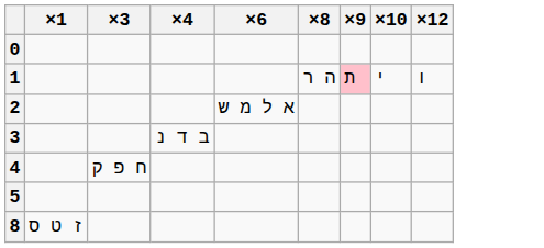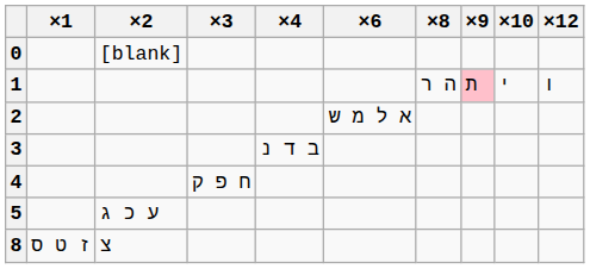 <table class="wikitable floatright" >
 <tr>
 <th></th>
 <th>×1</th>
+<th>×2</th>
 <th>×3</th>
 <th>×4</th>
 <th>×6</th>
 <th>×8</th>
 <th>×9</th>
 <th>×10</th>
 <th>×12</th>
 </tr>
 <tr>
 <th>0</th>
 <td></td>
+<td>[blank]</td>
 <td></td>
 <td></td>
 <td></td>
 <td></td>
 <td></td>
 <td></td>
 <td></td>
 </tr>
 <tr>
 <th>1</th>
 <td></td>
 <td></td>
 <td></td>
 <td></td>
+<td></td>
 <td>ה ר‎</td>
 <td style="background: pink;">‎ת</td>
 <td>‎י</td>
 <td>‎ו</td>
 </tr>
 <tr>
 <th>2</th>
+<td></td>
 <td></td>
 <td></td>
 <td></td>
 <td>א ל מ ש</td>
 <td></td>
 <td></td>
 <td></td>
 <td></td>
 </tr>
 <tr>
 <th>3</th>
 <td></td>
 <td></td>
+<td></td>
 <td>ב ד נ</td>
 <td></td>
 <td></td>
 <td></td>
 <td></td>
 <td></td>
 </tr>
 <tr>
 <th>4</th>
+<td></td>
 <td></td>
 <td>ח פ ק</td>
 <td></td>
 <td></td>
 <td></td>
 <td></td>
 <td></td>
 <td></td>
 </tr>
 <tr>
 <th>5</th>
 <td></td>
+<td>ע כ ג</td>
 <td></td>
 <td></td>
 <td></td>
 <td></td>
 <td></td>
 <td></td>
 <td></td>
 </tr>
 <tr>
 <th>8</th>
 <td>ז ט ס‎</td>
+<td>‎צ</td>
 <td></td>
 <td></td>
 <td></td>
 <td></td>
 <td></td>
 <td></td>
 <td></td>
 </tr>
 </table>
